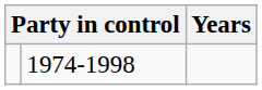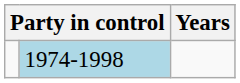 <table class="wikitable">
 <tr>
 <th colspan="2">Party in control</th>
 <th>Years</th>
 </tr>
 <tr>
 <td></td>
-<td>1974-1998</td>
+<td style="background: lightblue;">1974-1998</td>
 </tr>
 </table>
